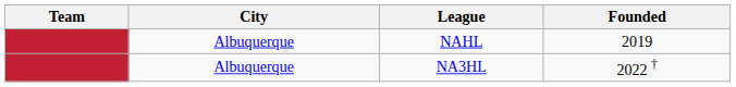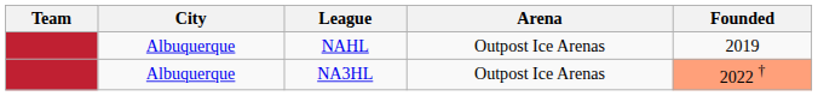 <table class="wikitable sortable" width="60%">
 <tr>
 <th>Team</th>
 <th>City</th>
 <th>League</th>
+<th>Arena</th>
 <th>Founded</th>
 </tr>
 <tr align=center>
 <td style="color:white; background:#c02032; "><strong><a href='#'></a></strong></td>
 <td><a href='#'>Albuquerque</a></td>
 <td><a href='#'>NAHL</a></td>
+<td>Outpost Ice Arenas</td>
 <td>2019</td>
 </tr>
 <tr align=center>
 <td style="color:white; background:#c02032; "><strong><a href='#'></a></strong></td>
 <td><a href='#'>Albuquerque</a></td>
 <td><a href='#'>NA3HL</a></td>
-<td>2022 <sup>†</sup></td>
+<td>Outpost Ice Arenas</td>
+<td style="background: lightsalmon;">2022 <sup>†</sup></td>
 </tr>
 </table>
